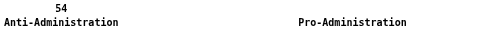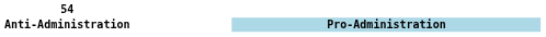 <table style="width:60%; text-align:center">
 <tr>
 <td style="background:"><strong>54</strong></td>
 <td style="color:white; background:"><strong>51</strong></td>
 </tr>
 <tr>
 <td><strong>Anti-Administration</strong></td>
-<td><span><strong>Pro-Administration</strong></span></td>
+<td style="background: lightblue;"><span><strong>Pro-Administration</strong></span></td>
 </tr>
 </table>
